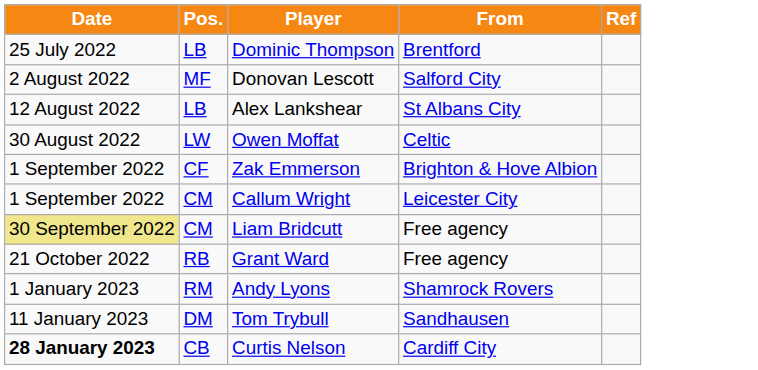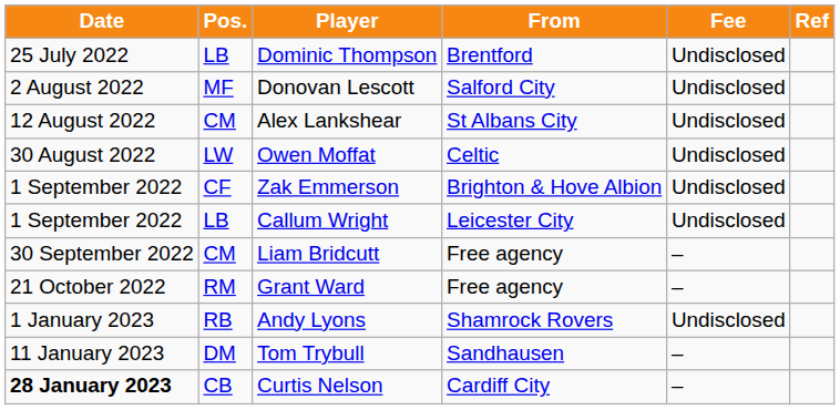 <table class="wikitable plainrowheaders sortable">
 <tr>
 <th style="background:#F68712; color:#FFFFFF; ">Date</th>
 <th style="background:#F68712; color:#FFFFFF; ">Pos.</th>
 <th style="background:#F68712; color:#FFFFFF; ">Player</th>
 <th style="background:#F68712; color:#FFFFFF; ">From</th>
+<th style="background:#F68712; color:#FFFFFF; ">Fee</th>
 <th style="background:#F68712; color:#FFFFFF; ">Ref</th>
 </tr>
 <tr>
 <td>25 July 2022</td>
 <td><a href='#'>LB</a></td>
 <td> <a href='#'>Dominic Thompson</a></td>
 <td><a href='#'>Brentford</a></td>
+<td>Undisclosed</td>
 <td></td>
 </tr>
 <tr>
 <td>2 August 2022</td>
 <td><a href='#'>MF</a></td>
 <td> Donovan Lescott</td>
 <td><a href='#'>Salford City</a></td>
+<td>Undisclosed</td>
 <td></td>
 </tr>
 <tr>
 <td>12 August 2022</td>
-<td><a href='#'>LB</a></td>
+<td><a href='#'>CM</a></td>
 <td> Alex Lankshear</td>
 <td><a href='#'>St Albans City</a></td>
+<td>Undisclosed</td>
 <td></td>
 </tr>
 <tr>
 <td>30 August 2022</td>
 <td><a href='#'>LW</a></td>
 <td> <a href='#'>Owen Moffat</a></td>
 <td> <a href='#'>Celtic</a></td>
+<td>Undisclosed</td>
 <td></td>
 </tr>
 <tr>
 <td>1 September 2022</td>
 <td><a href='#'>CF</a></td>
 <td> <a href='#'>Zak Emmerson</a></td>
 <td><a href='#'>Brighton & Hove Albion</a></td>
+<td>Undisclosed</td>
 <td></td>
 </tr>
 <tr>
 <td>1 September 2022</td>
-<td><a href='#'>CM</a></td>
+<td><a href='#'>LB</a></td>
 <td> <a href='#'>Callum Wright</a></td>
 <td><a href='#'>Leicester City</a></td>
+<td>Undisclosed</td>
 <td></td>
 </tr>
 <tr>
-<td style="background: khaki;">30 September 2022</td>
+<td>30 September 2022</td>
 <td><a href='#'>CM</a></td>
 <td> <a href='#'>Liam Bridcutt</a></td>
 <td>Free agency</td>
+<td>–</td>
 <td></td>
 </tr>
 <tr>
 <td>21 October 2022</td>
-<td><a href='#'>RB</a></td>
+<td><a href='#'>RM</a></td>
 <td> <a href='#'>Grant Ward</a></td>
 <td>Free agency</td>
+<td>–</td>
 <td></td>
 </tr>
 <tr>
 <td>1 January 2023</td>
-<td><a href='#'>RM</a></td>
+<td><a href='#'>RB</a></td>
 <td> <a href='#'>Andy Lyons</a></td>
 <td> <a href='#'>Shamrock Rovers</a></td>
+<td>Undisclosed</td>
 <td></td>
 </tr>
 <tr>
 <td>11 January 2023</td>
 <td><a href='#'>DM</a></td>
 <td> <a href='#'>Tom Trybull</a></td>
 <td> <a href='#'>Sandhausen</a></td>
+<td>–</td>
 <td></td>
 </tr>
 <tr>
 <td><strong>28 January 2023</strong></td>
 <td><a href='#'>CB</a></td>
 <td> <a href='#'>Curtis Nelson</a></td>
 <td> <a href='#'>Cardiff City</a></td>
+<td>–</td>
 <td></td>
 </tr>
 </table>
